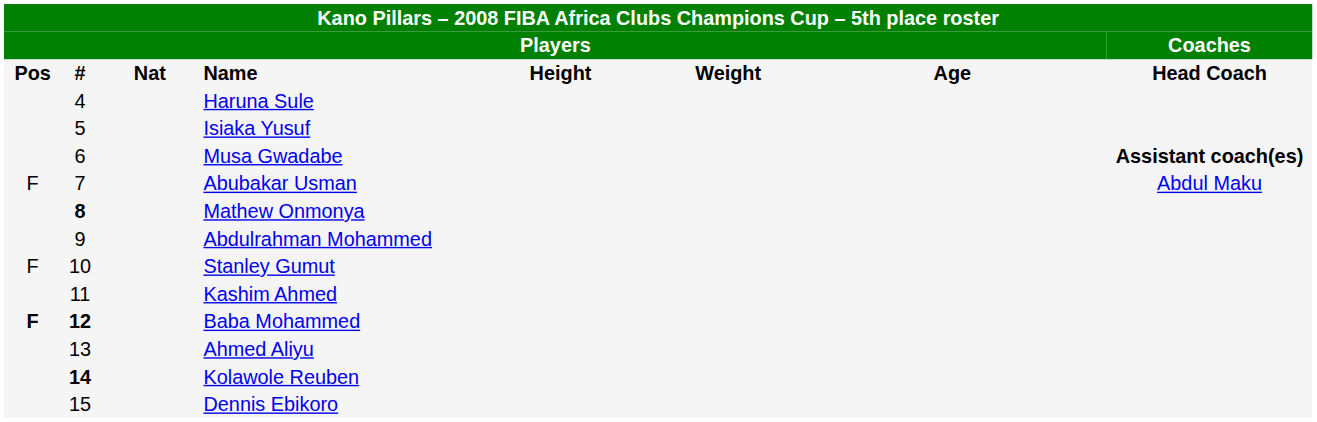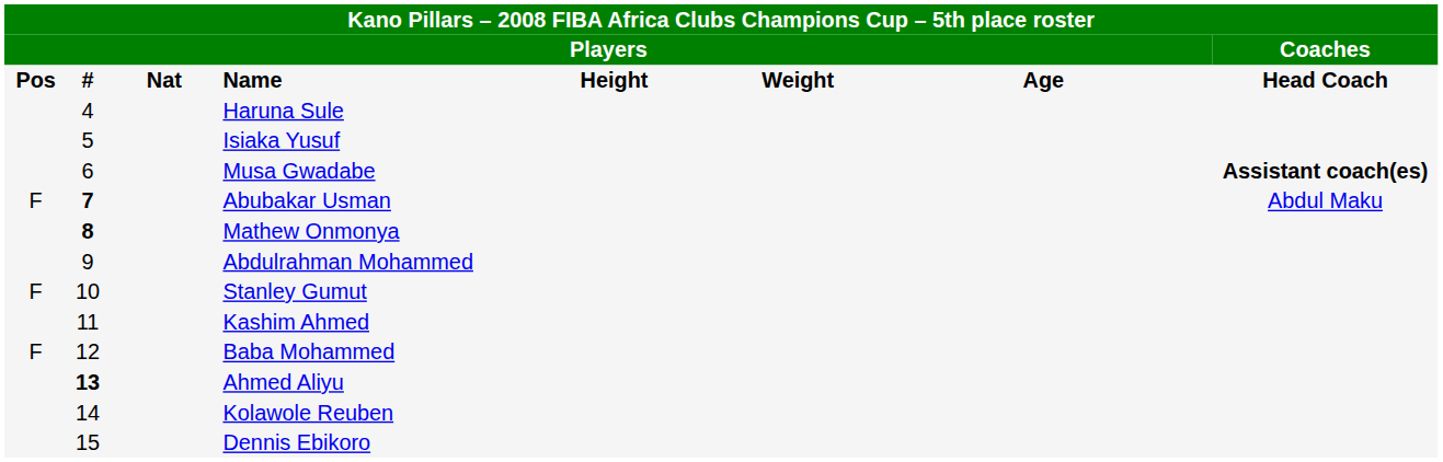 <table border=0 cellpadding=2 cellspacing=0  |- bgcolor=#f5f5f5 style="text-align:center; font-size:90%;" width=75%>
 <tr>
 <td colspan="8" style="background: green; color: white"><strong>Kano Pillars – 2008 FIBA Africa Clubs Champions Cup – 5th place roster</strong></td>
 </tr>
 <tr>
 <td colspan="7" style="background: green; color: white"><strong>Players</strong></td>
 <td style="background: green; color: white"><strong>Coaches</strong></td>
 </tr>
 <tr style="background=#f5f5f5; color: black">
 <th width=5px>Pos</th>
 <th width=5px>#</th>
 <th width=50px>Nat</th>
 <th width=135px align=left>Name</th>
 <th width=100px>Height</th>
 <th width=70px>Weight</th>
 <th width=160px>Age</th>
 <th width=105px>Head Coach</th>
 </tr>
 <tr>
 <td></td>
 <td>4</td>
 <td></td>
 <td align=left><a href='#'>Haruna Sule</a></td>
 <td></td>
 <td></td>
 <td><span></span></td>
 <td> <a href='#'></a></td>
 </tr>
 <tr>
 <td></td>
 <td>5</td>
 <td></td>
 <td align=left><a href='#'>Isiaka Yusuf</a></td>
 <td></td>
 <td></td>
 <td><span></span></td>
 </tr>
 <tr>
 <td></td>
 <td>6</td>
 <td></td>
 <td align=left><a href='#'>Musa Gwadabe</a></td>
 <td></td>
 <td></td>
 <td><span></span></td>
 <td><strong>Assistant coach(es)</strong></td>
 </tr>
 <tr>
 <td>F</td>
-<td>7</td>
+<td><strong>7</strong></td>
 <td></td>
 <td align=left><a href='#'>Abubakar Usman</a></td>
 <td><span></span></td>
 <td></td>
 <td><span></span></td>
 <td> <a href='#'>Abdul Maku</a></td>
 </tr>
 <tr>
 <td></td>
 <td><strong>8</strong></td>
 <td></td>
 <td align=left><a href='#'>Mathew Onmonya</a></td>
 <td><span></span></td>
 <td></td>
 <td><span></span></td>
 </tr>
 <tr>
 <td></td>
 <td>9</td>
 <td></td>
 <td align=left><a href='#'>Abdulrahman Mohammed</a></td>
 <td><span></span></td>
 <td></td>
 <td><span></span></td>
 </tr>
 <tr>
 <td>F</td>
 <td>10</td>
 <td></td>
 <td align=left><a href='#'>Stanley Gumut</a></td>
 <td><span></span></td>
 <td><span></span></td>
 <td><span></span></td>
 </tr>
 <tr>
 <td></td>
 <td>11</td>
 <td></td>
 <td align=left><a href='#'>Kashim Ahmed</a></td>
 <td></td>
 <td></td>
 <td><span></span></td>
 </tr>
 <tr>
-<td><strong>F</strong></td>
-<td><strong>12</strong></td>
+<td>F</td>
+<td>12</td>
 <td></td>
 <td align=left><a href='#'>Baba Mohammed</a></td>
 <td><span></span></td>
 <td></td>
 <td><span></span></td>
 </tr>
 <tr>
 <td></td>
-<td>13</td>
+<td><strong>13</strong></td>
 <td></td>
 <td align=left><a href='#'>Ahmed Aliyu</a></td>
 <td></td>
 <td></td>
 <td><span></span></td>
 </tr>
 <tr>
 <td></td>
-<td><strong>14</strong></td>
+<td>14</td>
 <td></td>
 <td align=left><a href='#'>Kolawole Reuben</a></td>
 <td></td>
 <td></td>
 <td><span></span></td>
 </tr>
 <tr>
 <td></td>
 <td>15</td>
 <td></td>
 <td align=left><a href='#'>Dennis Ebikoro</a></td>
 <td></td>
 <td></td>
 <td><span></span></td>
 </tr>
 </table>
